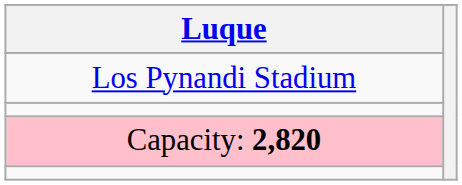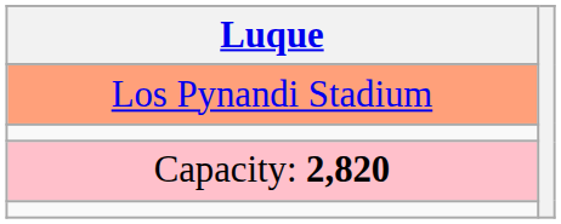 <table class="wikitable" style="text-align:center;margin:1em auto;">
 <tr>
 <th width=220><a href='#'>Luque</a><br></th>
 <th rowspan=5 colspan=2></th>
 </tr>
 <tr>
-<td><a href='#'>Los Pynandi Stadium</a></td>
+<td style="background: lightsalmon;"><a href='#'>Los Pynandi Stadium</a></td>
 </tr>
 <tr>
 <td><small></small></td>
 </tr>
 <tr>
 <td style="background: pink;">Capacity: <strong>2,820</strong></td>
 </tr>
 <tr>
 <td></td>
 </tr>
 </table>
